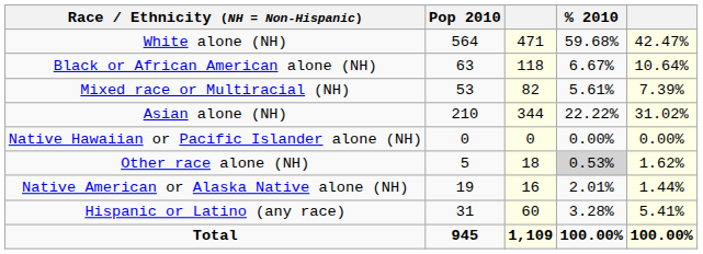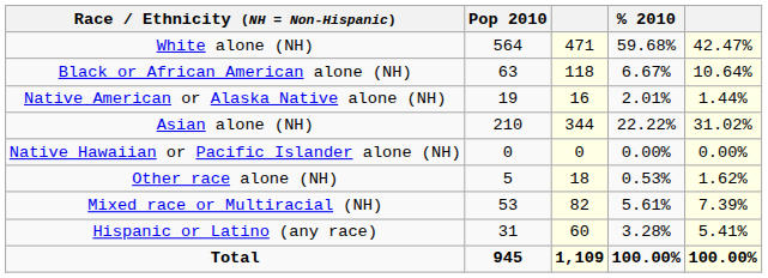 <table class="wikitable" style="text-align:center;">
 <tr>
 <th>Race / Ethnicity <small>(<em>NH = Non-Hispanic</em>)</small></th>
 <th>Pop 2010</th>
 <th></th>
 <th>% 2010</th>
 <th></th>
 </tr>
 <tr>
 <td><a href='#'>White</a> alone (NH)</td>
 <td>564</td>
 <td style='background: #ffffe6;'>471</td>
 <td>59.68%</td>
 <td style='background: #ffffe6;'>42.47%</td>
 </tr>
 <tr>
 <td><a href='#'>Black or African American</a> alone (NH)</td>
 <td>63</td>
 <td style='background: #ffffe6;'>118</td>
 <td>6.67%</td>
 <td style='background: #ffffe6;'>10.64%</td>
 </tr>
 <tr>
-<td><a href='#'>Mixed race or Multiracial</a> (NH)</td>
-<td>53</td>
-<td style='background: #ffffe6;'>82</td>
-<td>5.61%</td>
-<td style='background: #ffffe6;'>7.39%</td>
+<td><a href='#'>Native American</a> or <a href='#'>Alaska Native</a> alone (NH)</td>
+<td>19</td>
+<td style='background: #ffffe6;'>16</td>
+<td>2.01%</td>
+<td style='background: #ffffe6;'>1.44%</td>
 </tr>
 <tr>
 <td><a href='#'>Asian</a> alone (NH)</td>
 <td>210</td>
 <td style='background: #ffffe6;'>344</td>
 <td>22.22%</td>
 <td style='background: #ffffe6;'>31.02%</td>
 </tr>
 <tr>
 <td><a href='#'>Native Hawaiian</a> or <a href='#'>Pacific Islander</a> alone (NH)</td>
 <td>0</td>
 <td style='background: #ffffe6;'>0</td>
 <td>0.00%</td>
 <td style='background: #ffffe6;'>0.00%</td>
 </tr>
 <tr>
 <td><a href='#'>Other race</a> alone (NH)</td>
 <td>5</td>
 <td style='background: #ffffe6;'>18</td>
-<td style="background: lightgrey;">0.53%</td>
+<td>0.53%</td>
 <td style='background: #ffffe6;'>1.62%</td>
 </tr>
 <tr>
-<td><a href='#'>Native American</a> or <a href='#'>Alaska Native</a> alone (NH)</td>
-<td>19</td>
-<td style='background: #ffffe6;'>16</td>
-<td>2.01%</td>
-<td style='background: #ffffe6;'>1.44%</td>
+<td><a href='#'>Mixed race or Multiracial</a> (NH)</td>
+<td>53</td>
+<td style='background: #ffffe6;'>82</td>
+<td>5.61%</td>
+<td style='background: #ffffe6;'>7.39%</td>
 </tr>
 <tr>
 <td><a href='#'>Hispanic or Latino</a> (any race)</td>
 <td>31</td>
 <td style='background: #ffffe6;'>60</td>
 <td>3.28%</td>
 <td style='background: #ffffe6;'>5.41%</td>
 </tr>
 <tr>
 <td><strong>Total</strong></td>
 <td><strong>945</strong></td>
 <td style='background: #ffffe6;'><strong>1,109</strong></td>
 <td><strong>100.00%</strong></td>
 <td style='background: #ffffe6;'><strong>100.00%</strong></td>
 </tr>
 </table>
